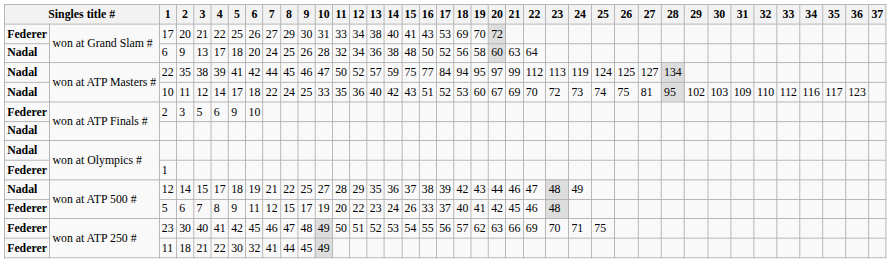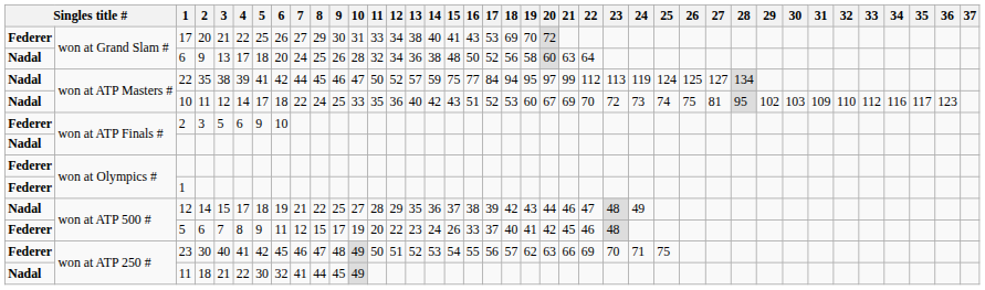 <table class="wikitable mw-datatable" style="font-size:90%;">
 <tr>
 <th colspan=2>Singles title #</th>
 <th>1</th>
 <th>2</th>
 <th>3</th>
 <th>4</th>
 <th>5</th>
 <th>6</th>
 <th>7</th>
 <th>8</th>
 <th>9</th>
 <th>10</th>
 <th>11</th>
 <th>12</th>
 <th>13</th>
 <th>14</th>
 <th>15</th>
 <th>16</th>
 <th>17</th>
 <th>18</th>
 <th>19</th>
 <th>20</th>
 <th>21</th>
 <th>22</th>
 <th>23</th>
 <th>24</th>
 <th>25</th>
 <th>26</th>
 <th>27</th>
 <th>28</th>
 <th>29</th>
 <th>30</th>
 <th>31</th>
 <th>32</th>
 <th>33</th>
 <th>34</th>
 <th>35</th>
 <th>36</th>
 <th>37</th>
 </tr>
 <tr>
 <td><strong>Federer</strong></td>
 <td rowspan=2>won at Grand Slam #</td>
 <td>17</td>
 <td>20</td>
 <td>21</td>
 <td>22</td>
 <td>25</td>
 <td>26</td>
 <td>27</td>
 <td>29</td>
 <td>30</td>
 <td>31</td>
 <td>33</td>
 <td>34</td>
 <td>38</td>
 <td>40</td>
 <td>41</td>
 <td>43</td>
 <td>53</td>
 <td>69</td>
 <td>70</td>
 <td style="background:#ddd;">72</td>
 <td></td>
 <td></td>
 <td></td>
 <td></td>
 <td></td>
 <td></td>
 <td></td>
 <td></td>
 <td></td>
 <td></td>
 <td></td>
 <td></td>
 <td></td>
 <td></td>
 <td></td>
 <td></td>
 <td></td>
 </tr>
 <tr>
 <td><strong>Nadal</strong></td>
 <td>6</td>
 <td>9</td>
 <td>13</td>
 <td>17</td>
 <td>18</td>
 <td>20</td>
 <td>24</td>
 <td>25</td>
 <td>26</td>
 <td>28</td>
 <td>32</td>
 <td>34</td>
 <td>36</td>
 <td>38</td>
 <td>48</td>
 <td>50</td>
 <td>52</td>
 <td>56</td>
 <td>58</td>
 <td style="background:#ddd;">60</td>
 <td>63</td>
 <td>64</td>
 <td></td>
 <td></td>
 <td></td>
 <td></td>
 <td></td>
 <td></td>
 <td></td>
 <td></td>
 <td></td>
 <td></td>
 <td></td>
 <td></td>
 <td></td>
 <td></td>
 <td></td>
 </tr>
 <tr>
 <td><strong>Nadal</strong></td>
 <td rowspan=2>won at ATP Masters #</td>
 <td>22</td>
 <td>35</td>
 <td>38</td>
 <td>39</td>
 <td>41</td>
 <td>42</td>
 <td>44</td>
 <td>45</td>
 <td>46</td>
 <td>47</td>
 <td>50</td>
 <td>52</td>
 <td>57</td>
 <td>59</td>
 <td>75</td>
 <td>77</td>
 <td>84</td>
 <td>94</td>
 <td>95</td>
 <td>97</td>
 <td>99</td>
 <td>112</td>
 <td>113</td>
 <td>119</td>
 <td>124</td>
 <td>125</td>
 <td>127</td>
 <td style="background:#ddd;">134</td>
 <td></td>
 <td></td>
 <td></td>
 <td></td>
 <td></td>
 <td></td>
 <td></td>
 <td></td>
 <td></td>
 </tr>
 <tr>
 <td><strong>Nadal</strong></td>
 <td>10</td>
 <td>11</td>
 <td>12</td>
 <td>14</td>
 <td>17</td>
 <td>18</td>
 <td>22</td>
 <td>24</td>
 <td>25</td>
 <td>33</td>
 <td>35</td>
 <td>36</td>
 <td>40</td>
 <td>42</td>
 <td>43</td>
 <td>51</td>
 <td>52</td>
 <td>53</td>
 <td>60</td>
 <td>67</td>
 <td>69</td>
 <td>70</td>
 <td>72</td>
 <td>73</td>
 <td>74</td>
 <td>75</td>
 <td>81</td>
 <td style="background:#ddd;">95</td>
 <td>102</td>
 <td>103</td>
 <td>109</td>
 <td>110</td>
 <td>112</td>
 <td>116</td>
 <td>117</td>
 <td>123</td>
 <td></td>
 </tr>
 <tr>
 <td><strong>Federer</strong></td>
 <td rowspan=2>won at ATP Finals #</td>
 <td>2</td>
 <td>3</td>
 <td>5</td>
 <td>6</td>
 <td>9</td>
 <td>10</td>
 <td></td>
 <td></td>
 <td></td>
 <td></td>
 <td></td>
 <td></td>
 <td></td>
 <td></td>
 <td></td>
 <td></td>
 <td></td>
 <td></td>
 <td></td>
 <td></td>
 <td></td>
 <td></td>
 <td></td>
 <td></td>
 <td></td>
 <td></td>
 <td></td>
 <td></td>
 <td></td>
 <td></td>
 <td></td>
 <td></td>
 <td></td>
 <td></td>
 <td></td>
 <td></td>
 <td></td>
 </tr>
 <tr>
 <td><strong>Nadal</strong></td>
 <td></td>
 <td></td>
 <td></td>
 <td></td>
 <td></td>
 <td></td>
 <td></td>
 <td></td>
 <td></td>
 <td></td>
 <td></td>
 <td></td>
 <td></td>
 <td></td>
 <td></td>
 <td></td>
 <td></td>
 <td></td>
 <td></td>
 <td></td>
 <td></td>
 <td></td>
 <td></td>
 <td></td>
 <td></td>
 <td></td>
 <td></td>
 <td></td>
 <td></td>
 <td></td>
 <td></td>
 <td></td>
 <td></td>
 <td></td>
 <td></td>
 <td></td>
 <td></td>
 </tr>
 <tr>
-<td><strong>Nadal</strong></td>
+<td><strong>Federer</strong></td>
 <td rowspan=2>won at Olympics #</td>
 <td></td>
 <td></td>
 <td></td>
 <td></td>
 <td></td>
 <td></td>
 <td></td>
 <td></td>
 <td></td>
 <td></td>
 <td></td>
 <td></td>
 <td></td>
 <td></td>
 <td></td>
 <td></td>
 <td></td>
 <td></td>
 <td></td>
 <td></td>
 <td></td>
 <td></td>
 <td></td>
 <td></td>
 <td></td>
 <td></td>
 <td></td>
 <td></td>
 <td></td>
 <td></td>
 <td></td>
 <td></td>
 <td></td>
 <td></td>
 <td></td>
 <td></td>
 <td></td>
 </tr>
 <tr>
 <td><strong>Federer</strong></td>
 <td>1</td>
 <td></td>
 <td></td>
 <td></td>
 <td></td>
 <td></td>
 <td></td>
 <td></td>
 <td></td>
 <td></td>
 <td></td>
 <td></td>
 <td></td>
 <td></td>
 <td></td>
 <td></td>
 <td></td>
 <td></td>
 <td></td>
 <td></td>
 <td></td>
 <td></td>
 <td></td>
 <td></td>
 <td></td>
 <td></td>
 <td></td>
 <td></td>
 <td></td>
 <td></td>
 <td></td>
 <td></td>
 <td></td>
 <td></td>
 <td></td>
 <td></td>
 <td></td>
 </tr>
 <tr>
 <td><strong>Nadal</strong></td>
 <td rowspan=2>won at ATP 500 #</td>
 <td>12</td>
 <td>14</td>
 <td>15</td>
 <td>17</td>
 <td>18</td>
 <td>19</td>
 <td>21</td>
 <td>22</td>
 <td>25</td>
 <td>27</td>
 <td>28</td>
 <td>29</td>
 <td>35</td>
 <td>36</td>
 <td>37</td>
 <td>38</td>
 <td>39</td>
 <td>42</td>
 <td>43</td>
 <td>44</td>
 <td>46</td>
 <td>47</td>
 <td style="background:#ddd;">48</td>
 <td>49</td>
 <td></td>
 <td></td>
 <td></td>
 <td></td>
 <td></td>
 <td></td>
 <td></td>
 <td></td>
 <td></td>
 <td></td>
 <td></td>
 <td></td>
 <td></td>
 </tr>
 <tr>
 <td><strong>Federer</strong></td>
 <td>5</td>
 <td>6</td>
 <td>7</td>
 <td>8</td>
 <td>9</td>
 <td>11</td>
 <td>12</td>
 <td>15</td>
 <td>17</td>
 <td>19</td>
 <td>20</td>
 <td>22</td>
 <td>23</td>
 <td>24</td>
 <td>26</td>
 <td>33</td>
 <td>37</td>
 <td>40</td>
 <td>41</td>
 <td>42</td>
 <td>45</td>
 <td>46</td>
 <td style="background:#ddd;">48</td>
 <td></td>
 <td></td>
 <td></td>
 <td></td>
 <td></td>
 <td></td>
 <td></td>
 <td></td>
 <td></td>
 <td></td>
 <td></td>
 <td></td>
 <td></td>
 <td></td>
 </tr>
 <tr>
 <td><strong>Federer</strong></td>
 <td rowspan=2>won at ATP 250 #</td>
 <td>23</td>
 <td>30</td>
 <td>40</td>
 <td>41</td>
 <td>42</td>
 <td>45</td>
 <td>46</td>
 <td>47</td>
 <td>48</td>
 <td style="background:#ddd;">49</td>
 <td>50</td>
 <td>51</td>
 <td>52</td>
 <td>53</td>
 <td>54</td>
 <td>55</td>
 <td>56</td>
 <td>57</td>
 <td>62</td>
 <td>63</td>
 <td>66</td>
 <td>69</td>
 <td>70</td>
 <td>71</td>
 <td>75</td>
 <td></td>
 <td></td>
 <td></td>
 <td></td>
 <td></td>
 <td></td>
 <td></td>
 <td></td>
 <td></td>
 <td></td>
 <td></td>
 <td></td>
 </tr>
 <tr>
-<td><strong>Federer</strong></td>
+<td><strong>Nadal</strong></td>
 <td>11</td>
 <td>18</td>
 <td>21</td>
 <td>22</td>
 <td>30</td>
 <td>32</td>
 <td>41</td>
 <td>44</td>
 <td>45</td>
 <td style="background:#ddd;">49</td>
 <td></td>
 <td></td>
 <td></td>
 <td></td>
 <td></td>
 <td></td>
 <td></td>
 <td></td>
 <td></td>
 <td></td>
 <td></td>
 <td></td>
 <td></td>
 <td></td>
 <td></td>
 <td></td>
 <td></td>
 <td></td>
 <td></td>
 <td></td>
 <td></td>
 <td></td>
 <td></td>
 <td></td>
 <td></td>
 <td></td>
 <td></td>
 </tr>
 </table>
